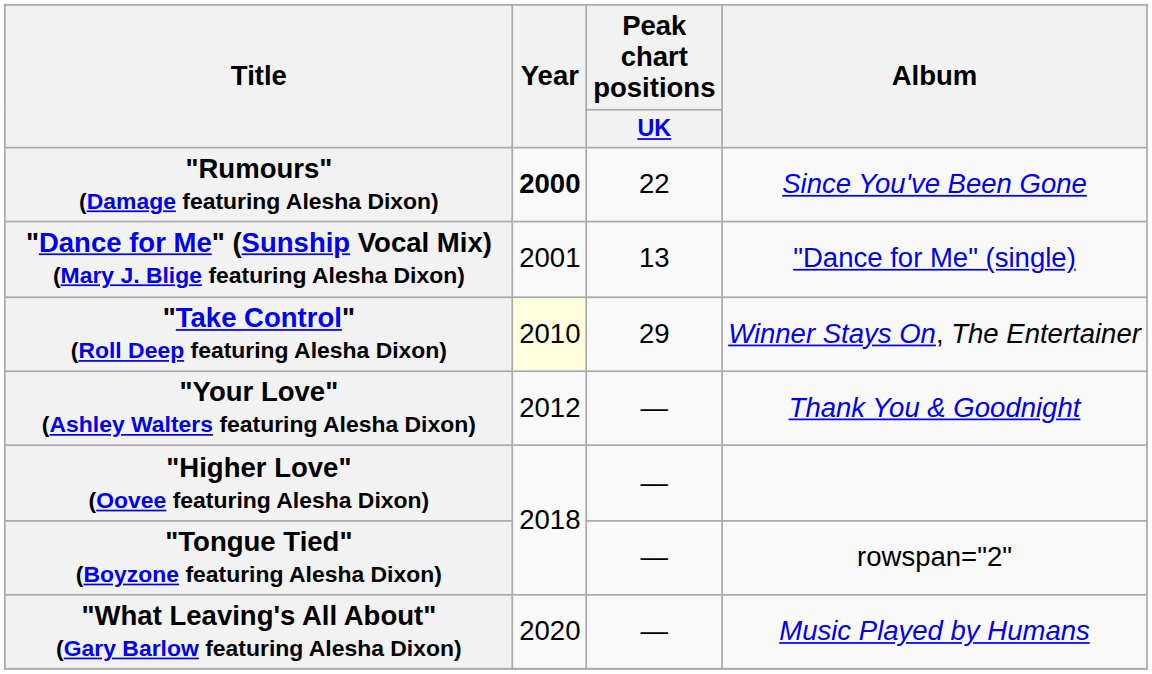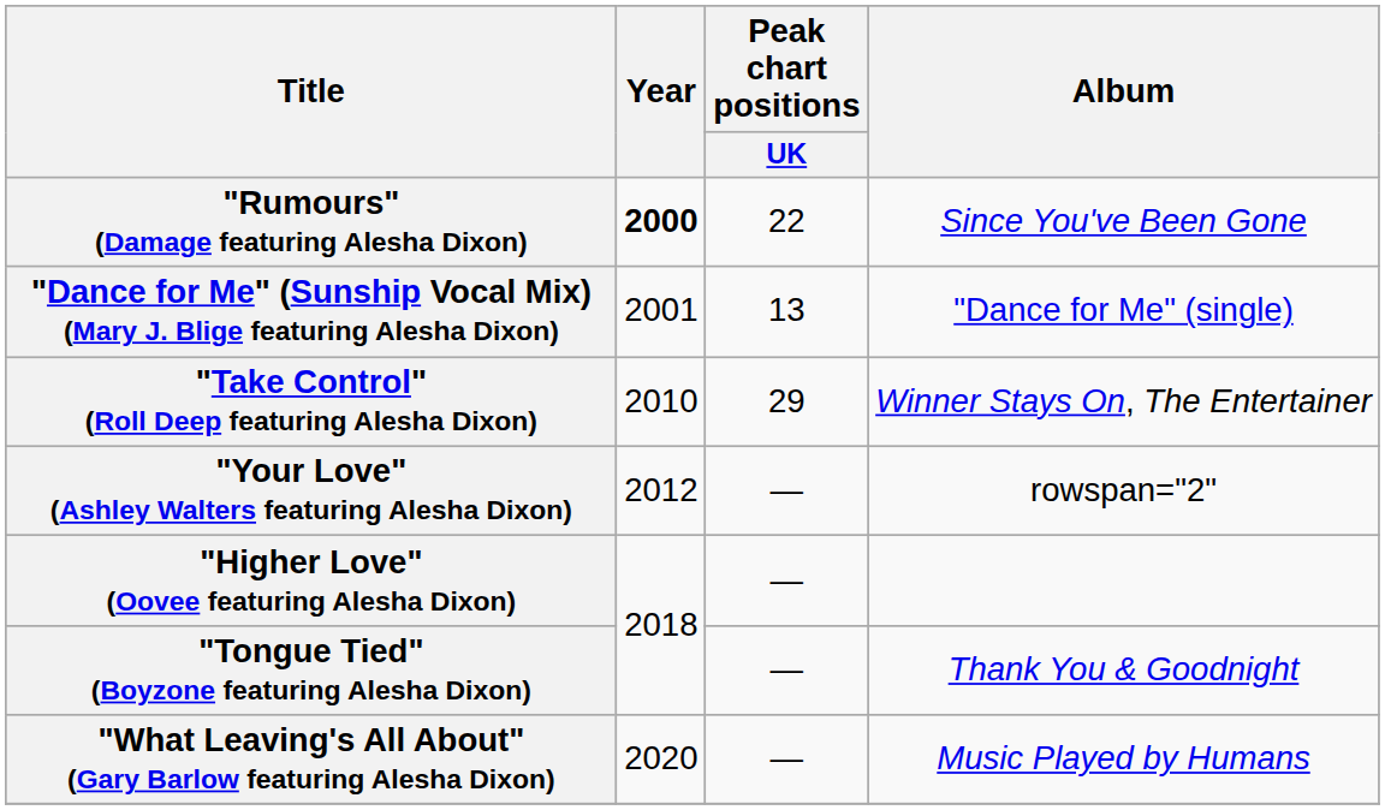 <table class="wikitable plainrowheaders" style="text-align:center;" border="1">
 <tr>
 <th scope="col" rowspan="2" style="width:18em;">Title</th>
 <th scope="col" rowspan="2">Year</th>
 <th scope="col" colspan="1">Peak chart positions</th>
 <th scope="col" rowspan="2">Album</th>
 </tr>
 <tr>
 <th style="width:3.5em;font-size:85%"><a href='#'>UK</a><br></th>
 </tr>
 <tr>
 <th scope="row">"Rumours"<br><small>(<a href='#'>Damage</a> featuring Alesha Dixon)</small></th>
 <td><strong>2000</strong></td>
 <td>22</td>
 <td><em><a href='#'>Since You've Been Gone</a></em></td>
 </tr>
 <tr>
 <th scope="row">"<a href='#'>Dance for Me</a>" (<a href='#'>Sunship</a> Vocal Mix)<br><small>(<a href='#'>Mary J. Blige</a> featuring Alesha Dixon)</small></th>
 <td>2001</td>
 <td>13</td>
 <td><a href='#'>"Dance for Me" (single)</a></td>
 </tr>
 <tr>
 <th scope="row">"<a href='#'>Take Control</a>"<br><small>(<a href='#'>Roll Deep</a> featuring Alesha Dixon)</small></th>
-<td style="background: lightyellow;">2010</td>
+<td>2010</td>
 <td>29</td>
 <td><em><a href='#'>Winner Stays On</a></em>, <em>The Entertainer</em></td>
 </tr>
 <tr>
 <th scope="row">"Your Love"<br><small>(<a href='#'>Ashley Walters</a> featuring Alesha Dixon)</small></th>
 <td>2012</td>
 <td>—</td>
-<td><em><a href='#'>Thank You & Goodnight</a></em></td>
+<td>rowspan="2" </td>
 </tr>
 <tr>
 <th scope="row">"Higher Love"<br><small>(<a href='#'>Oovee</a> featuring Alesha Dixon)</small></th>
 <td rowspan="2">2018</td>
 <td>—</td>
 </tr>
 <tr>
 <th scope="row">"Tongue Tied"<br><small>(<a href='#'>Boyzone</a> featuring Alesha Dixon)</small></th>
 <td>—</td>
-<td>rowspan="2" </td>
+<td><em><a href='#'>Thank You & Goodnight</a></em></td>
 </tr>
 <tr>
 <th scope="row">"What Leaving's All About"<br><small>(<a href='#'>Gary Barlow</a> featuring Alesha Dixon)</small></th>
 <td>2020</td>
 <td>—</td>
 <td><em><a href='#'>Music Played by Humans</a></em></td>
 </tr>
 <tr>
 </tr>
 </table>
